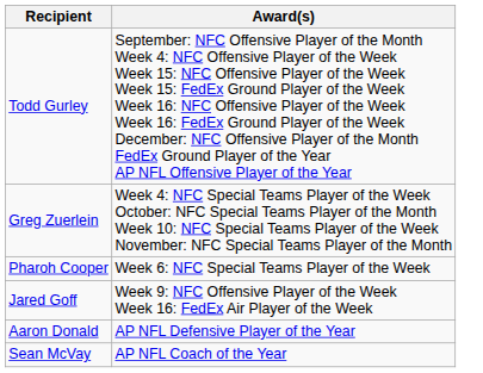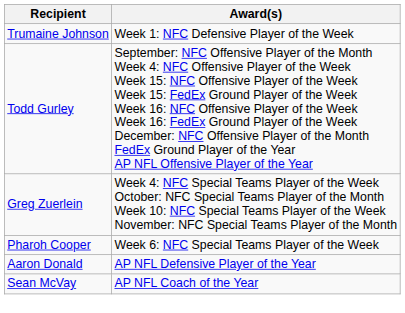 <table class="wikitable">
 <tr>
 <th>Recipient</th>
 <th>Award(s)</th>
+</tr>
+<tr>
+<td><a href='#'>Trumaine Johnson</a></td>
+<td>Week 1: <a href='#'>NFC</a> Defensive Player of the Week</td>
 </tr>
 <tr>
 <td><a href='#'>Todd Gurley</a></td>
 <td>September: <a href='#'>NFC</a> Offensive Player of the Month <br> Week 4: <a href='#'>NFC</a> Offensive Player of the Week <br> Week 15: <a href='#'>NFC</a> Offensive Player of the Week <br> Week 15: <a href='#'>FedEx</a> Ground Player of the Week <br> Week 16: <a href='#'>NFC</a> Offensive Player of the Week <br> Week 16: <a href='#'>FedEx</a> Ground Player of the Week <br> December: <a href='#'>NFC</a> Offensive Player of the Month <br> <a href='#'>FedEx</a> Ground Player of the Year <br> <a href='#'>AP NFL Offensive Player of the Year</a></td>
 </tr>
 <tr>
 <td><a href='#'>Greg Zuerlein</a></td>
 <td>Week 4: <a href='#'>NFC</a> Special Teams Player of the Week <br> October: NFC Special Teams Player of the Month <br> Week 10: <a href='#'>NFC</a> Special Teams Player of the Week <br> November: NFC Special Teams Player of the Month</td>
 </tr>
 <tr>
 <td><a href='#'>Pharoh Cooper</a></td>
 <td>Week 6: <a href='#'>NFC</a> Special Teams Player of the Week</td>
 </tr>
 <tr>
-<td><a href='#'>Jared Goff</a></td>
-<td>Week 9: <a href='#'>NFC</a> Offensive Player of the Week <br> Week 16: <a href='#'>FedEx</a> Air Player of the Week</td>
-</tr>
-<tr>
 <td><a href='#'>Aaron Donald</a></td>
 <td><a href='#'>AP NFL Defensive Player of the Year</a></td>
 </tr>
 <tr>
 <td><a href='#'>Sean McVay</a></td>
 <td><a href='#'>AP NFL Coach of the Year</a></td>
 </tr>
 </table>
